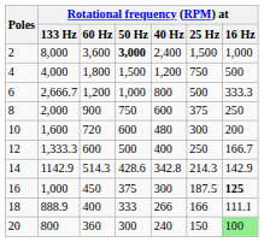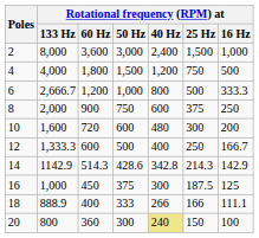 <table class="wikitable">
 <tr>
 <th rowspan="2">Poles</th>
 <th colspan="6"><a href='#'>Rotational frequency</a> (<a href='#'>RPM</a>) at</th>
 </tr>
 <tr>
 <th>133 Hz</th>
 <th>60 Hz</th>
 <th>50 Hz</th>
 <th>40 Hz</th>
 <th>25 Hz</th>
 <th>16 Hz</th>
 </tr>
 <tr>
 <td>2</td>
 <td>8,000</td>
 <td>3,600</td>
-<td><strong>3,000</strong></td>
+<td>3,000</td>
 <td>2,400</td>
 <td>1,500</td>
 <td>1,000</td>
 </tr>
 <tr>
 <td>4</td>
 <td>4,000</td>
 <td>1,800</td>
 <td>1,500</td>
 <td>1,200</td>
 <td>750</td>
 <td>500</td>
 </tr>
 <tr>
 <td>6</td>
 <td>2,666.7</td>
 <td>1,200</td>
 <td>1,000</td>
 <td>800</td>
 <td>500</td>
 <td>333.3</td>
 </tr>
 <tr>
 <td>8</td>
 <td>2,000</td>
 <td>900</td>
 <td>750</td>
 <td>600</td>
 <td>375</td>
 <td>250</td>
 </tr>
 <tr>
 <td>10</td>
 <td>1,600</td>
 <td>720</td>
 <td>600</td>
 <td>480</td>
 <td>300</td>
 <td>200</td>
 </tr>
 <tr>
 <td>12</td>
 <td>1,333.3</td>
 <td>600</td>
 <td>500</td>
 <td>400</td>
 <td>250</td>
 <td>166.7</td>
 </tr>
 <tr>
 <td>14</td>
 <td>1142.9</td>
 <td>514.3</td>
 <td>428.6</td>
 <td>342.8</td>
 <td>214.3</td>
 <td>142.9</td>
 </tr>
 <tr>
 <td>16</td>
 <td>1,000</td>
 <td>450</td>
 <td>375</td>
 <td>300</td>
 <td>187.5</td>
-<td><strong>125</strong></td>
+<td>125</td>
 </tr>
 <tr>
 <td>18</td>
 <td>888.9</td>
 <td>400</td>
 <td>333</td>
 <td>266</td>
 <td>166</td>
 <td>111.1</td>
 </tr>
 <tr>
 <td>20</td>
 <td>800</td>
 <td>360</td>
 <td>300</td>
-<td>240</td>
+<td style="background: khaki;">240</td>
 <td>150</td>
-<td style="background: lightgreen;">100</td>
+<td>100</td>
 </tr>
 </table>
